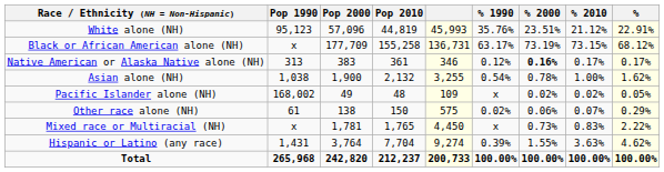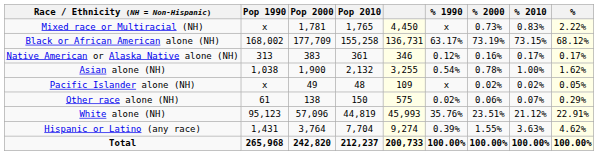 <table class="wikitable" style="text-align:center;">
 <tr>
 <th>Race / Ethnicity <small>(<em>NH = Non-Hispanic</em>)</small></th>
 <th>Pop 1990</th>
 <th>Pop 2000</th>
 <th>Pop 2010</th>
 <th></th>
 <th>% 1990</th>
 <th>% 2000</th>
 <th>% 2010</th>
 <th>% </th>
 </tr>
 <tr>
-<td><a href='#'>White</a> alone (NH)</td>
-<td>95,123</td>
-<td>57,096</td>
-<td>44,819</td>
-<td style='background: #ffffe6;'>45,993</td>
-<td>35.76%</td>
-<td>23.51%</td>
-<td>21.12%</td>
-<td style='background: #ffffe6;'>22.91%</td>
+<td><a href='#'>Mixed race or Multiracial</a> (NH)</td>
+<td>x</td>
+<td>1,781</td>
+<td>1,765</td>
+<td style='background: #ffffe6;'>4,450</td>
+<td>x</td>
+<td>0.73%</td>
+<td>0.83%</td>
+<td style='background: #ffffe6;'>2.22%</td>
 </tr>
 <tr>
 <td><a href='#'>Black or African American</a> alone (NH)</td>
-<td>x</td>
+<td>168,002</td>
 <td>177,709</td>
 <td>155,258</td>
 <td style='background: #ffffe6;'>136,731</td>
 <td>63.17%</td>
 <td>73.19%</td>
 <td>73.15%</td>
 <td style='background: #ffffe6;'>68.12%</td>
 </tr>
 <tr>
 <td><a href='#'>Native American</a> or <a href='#'>Alaska Native</a> alone (NH)</td>
 <td>313</td>
 <td>383</td>
 <td>361</td>
 <td style='background: #ffffe6;'>346</td>
 <td>0.12%</td>
-<td><strong>0.16%</strong></td>
+<td>0.16%</td>
 <td>0.17%</td>
 <td style='background: #ffffe6;'>0.17%</td>
 </tr>
 <tr>
 <td><a href='#'>Asian</a> alone (NH)</td>
 <td>1,038</td>
 <td>1,900</td>
 <td>2,132</td>
 <td style='background: #ffffe6;'>3,255</td>
 <td>0.54%</td>
 <td>0.78%</td>
 <td>1.00%</td>
 <td style='background: #ffffe6;'>1.62%</td>
 </tr>
 <tr>
 <td><a href='#'>Pacific Islander</a> alone (NH)</td>
-<td>168,002</td>
+<td>x</td>
 <td>49</td>
 <td>48</td>
 <td style='background: #ffffe6;'>109</td>
 <td>x</td>
 <td>0.02%</td>
 <td>0.02%</td>
 <td style='background: #ffffe6;'>0.05%</td>
 </tr>
 <tr>
 <td><a href='#'>Other race</a> alone (NH)</td>
 <td>61</td>
 <td>138</td>
 <td>150</td>
 <td style='background: #ffffe6;'>575</td>
 <td>0.02%</td>
 <td>0.06%</td>
 <td>0.07%</td>
 <td style='background: #ffffe6;'>0.29%</td>
 </tr>
 <tr>
-<td><a href='#'>Mixed race or Multiracial</a> (NH)</td>
-<td>x</td>
-<td>1,781</td>
-<td>1,765</td>
-<td style='background: #ffffe6;'>4,450</td>
-<td>x</td>
-<td>0.73%</td>
-<td>0.83%</td>
-<td style='background: #ffffe6;'>2.22%</td>
+<td><a href='#'>White</a> alone (NH)</td>
+<td>95,123</td>
+<td>57,096</td>
+<td>44,819</td>
+<td style='background: #ffffe6;'>45,993</td>
+<td>35.76%</td>
+<td>23.51%</td>
+<td>21.12%</td>
+<td style='background: #ffffe6;'>22.91%</td>
 </tr>
 <tr>
 <td><a href='#'>Hispanic or Latino</a> (any race)</td>
 <td>1,431</td>
 <td>3,764</td>
 <td>7,704</td>
 <td style='background: #ffffe6;'>9,274</td>
 <td>0.39%</td>
 <td>1.55%</td>
 <td>3.63%</td>
 <td style='background: #ffffe6;'>4.62%</td>
 </tr>
 <tr>
 <td><strong>Total</strong></td>
 <td><strong>265,968</strong></td>
 <td><strong>242,820</strong></td>
 <td><strong>212,237</strong></td>
 <td style='background: #ffffe6;'><strong>200,733</strong></td>
 <td><strong>100.00%</strong></td>
 <td><strong>100.00%</strong></td>
 <td><strong>100.00%</strong></td>
 <td style='background: #ffffe6;'><strong>100.00%</strong></td>
 </tr>
 </table>
